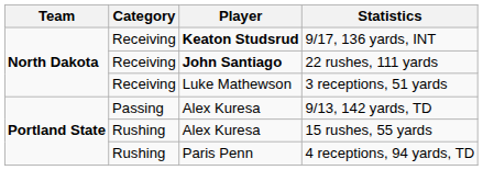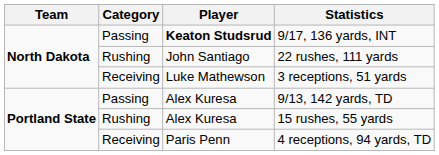 <table class="wikitable" style="float: right;">
 <tr>
 <th>Team</th>
 <th>Category</th>
 <th>Player</th>
 <th>Statistics</th>
 </tr>
 <tr>
 <td rowspan=3><strong>North Dakota</strong></td>
-<td>Receiving</td>
+<td>Passing</td>
 <td><strong>Keaton Studsrud</strong></td>
 <td>9/17, 136 yards, INT</td>
 </tr>
 <tr>
-<td>Receiving</td>
-<td><strong>John Santiago</strong></td>
+<td>Rushing</td>
+<td>John Santiago</td>
 <td>22 rushes, 111 yards</td>
 </tr>
 <tr>
 <td>Receiving</td>
 <td>Luke Mathewson</td>
 <td>3 receptions, 51 yards</td>
 </tr>
 <tr>
 <td rowspan=3><strong>Portland State</strong></td>
 <td>Passing</td>
 <td>Alex Kuresa</td>
 <td>9/13, 142 yards, TD</td>
 </tr>
 <tr>
 <td>Rushing</td>
 <td>Alex Kuresa</td>
 <td>15 rushes, 55 yards</td>
 </tr>
 <tr>
-<td>Rushing</td>
+<td>Receiving</td>
 <td>Paris Penn</td>
 <td>4 receptions, 94 yards, TD</td>
 </tr>
 </table>
